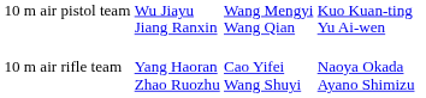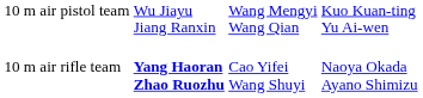 <table>
 <tr>
 <td>10 m air pistol team</td>
 <td><br><a href='#'>Wu Jiayu</a><br><a href='#'>Jiang Ranxin</a></td>
 <td><br><a href='#'>Wang Mengyi</a><br><a href='#'>Wang Qian</a></td>
 <td><br><a href='#'>Kuo Kuan-ting</a><br><a href='#'>Yu Ai-wen</a></td>
 </tr>
 <tr>
 <td>10 m air rifle team</td>
-<td><br><a href='#'>Yang Haoran</a><br><a href='#'>Zhao Ruozhu</a></td>
+<td><strong><br><a href='#'>Yang Haoran</a><br><a href='#'>Zhao Ruozhu</a></strong></td>
 <td><br><a href='#'>Cao Yifei</a><br><a href='#'>Wang Shuyi</a></td>
 <td><br><a href='#'>Naoya Okada</a><br><a href='#'>Ayano Shimizu</a></td>
 </tr>
 </table>
